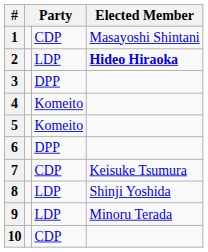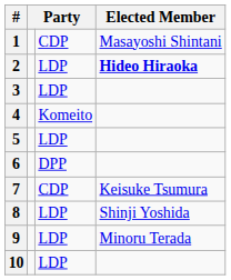 <table class="wikitable">
 <tr>
 <th>#</th>
 <th colspan=2>Party</th>
 <th>Elected Member</th>
 </tr>
 <tr>
 <th>1</th>
 <td style="background:"></td>
 <td><a href='#'>CDP</a></td>
 <td><a href='#'>Masayoshi Shintani</a></td>
 </tr>
 <tr>
 <th>2</th>
 <td style="background:"></td>
 <td><a href='#'>LDP</a></td>
 <td><strong><a href='#'>Hideo Hiraoka</a></strong></td>
 </tr>
 <tr>
 <th>3</th>
 <td style="background:"></td>
-<td><a href='#'>DPP</a></td>
+<td><a href='#'>LDP</a></td>
 <td></td>
 </tr>
 <tr>
 <th>4</th>
 <td style="background:"></td>
 <td><a href='#'>Komeito</a></td>
 <td></td>
 </tr>
 <tr>
 <th>5</th>
 <td style="background:"></td>
-<td><a href='#'>Komeito</a></td>
+<td><a href='#'>LDP</a></td>
 <td></td>
 </tr>
 <tr>
 <th>6</th>
 <td style="background:"></td>
 <td><a href='#'>DPP</a></td>
 <td></td>
 </tr>
 <tr>
 <th>7</th>
 <td style="background:"></td>
 <td><a href='#'>CDP</a></td>
 <td><a href='#'>Keisuke Tsumura</a></td>
 </tr>
 <tr>
 <th>8</th>
 <td style="background:"></td>
 <td><a href='#'>LDP</a></td>
 <td><a href='#'>Shinji Yoshida</a></td>
 </tr>
 <tr>
 <th>9</th>
 <td style="background:"></td>
 <td><a href='#'>LDP</a></td>
 <td><a href='#'>Minoru Terada</a></td>
 </tr>
 <tr>
 <th>10</th>
 <td style="background:"></td>
-<td><a href='#'>CDP</a></td>
+<td><a href='#'>LDP</a></td>
 <td></td>
 </tr>
 </table>
